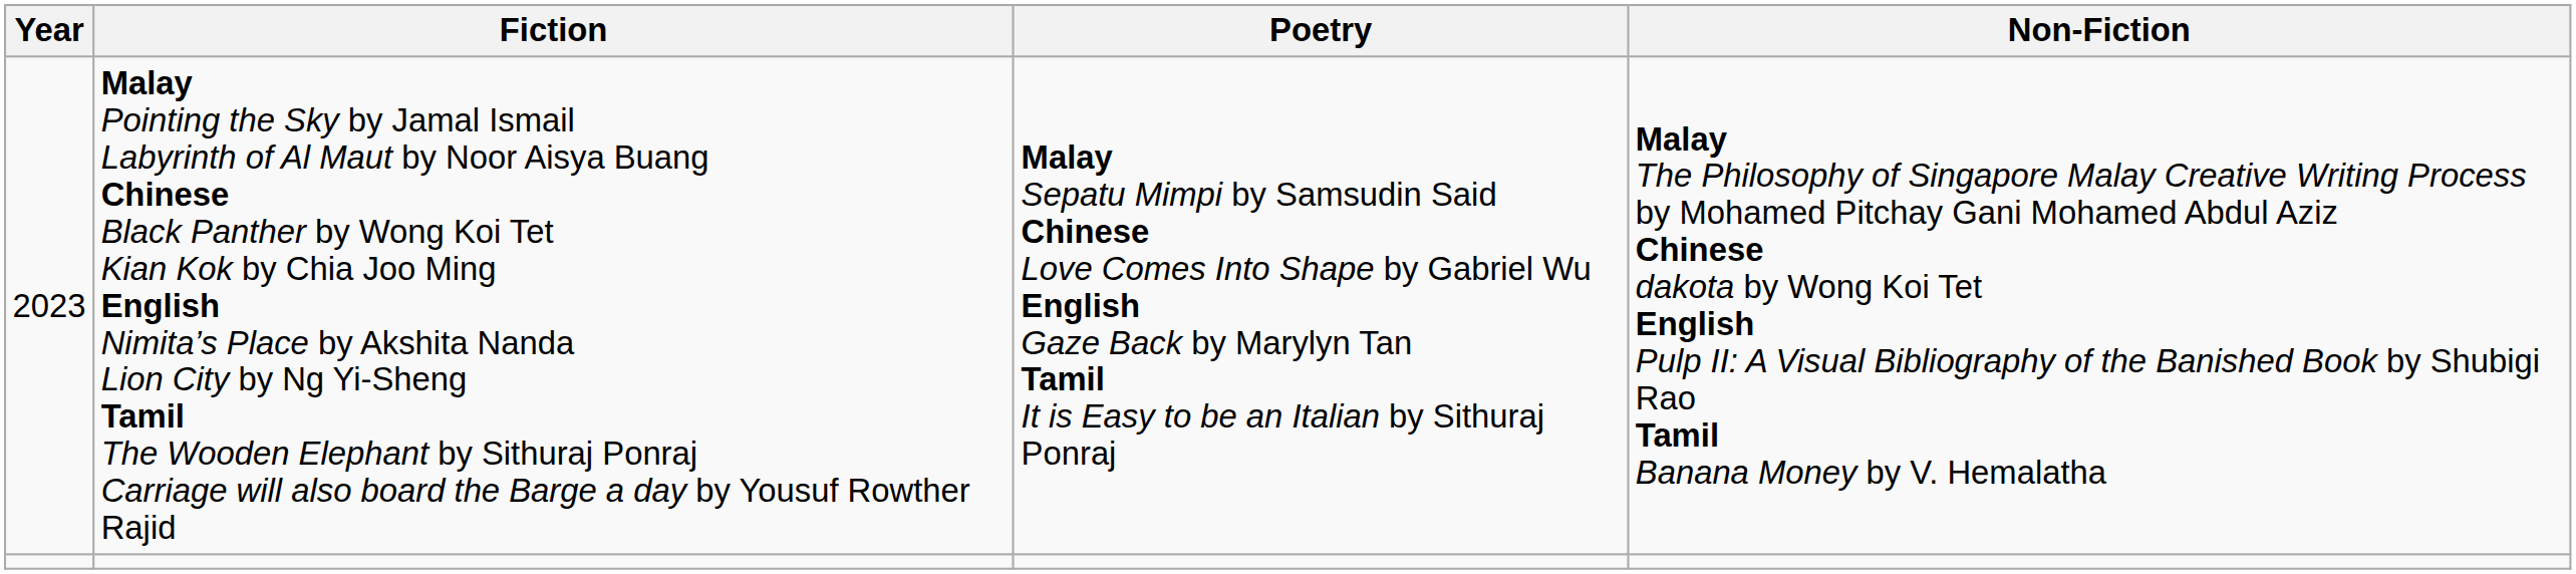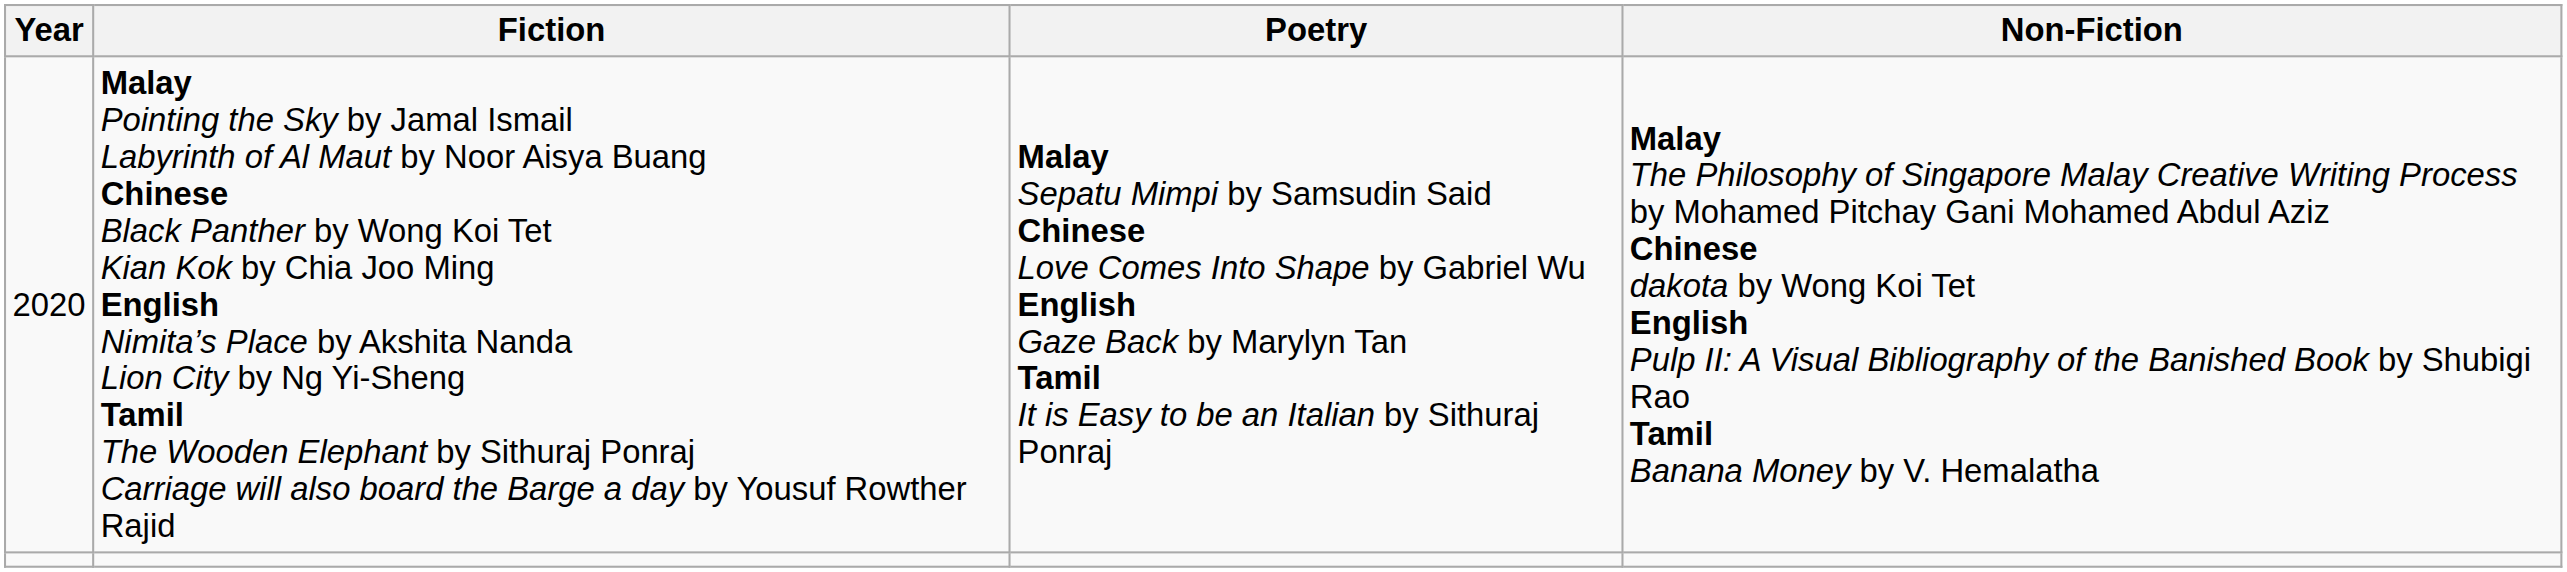 <table class="wikitable">
 <tr>
 <th>Year</th>
 <th>Fiction</th>
 <th>Poetry</th>
 <th>Non-Fiction</th>
 </tr>
 <tr>
-<td>2023</td>
+<td>2020</td>
 <td><strong>Malay</strong><br><em>Pointing the Sky</em> by Jamal Ismail<br><em>Labyrinth of Al Maut</em> by Noor Aisya Buang<br><strong>Chinese</strong><br><em>Black Panther</em> by Wong Koi Tet<br><em>Kian Kok</em> by Chia Joo Ming<br><strong>English</strong><br><em>Nimita’s Place</em> by Akshita Nanda<br><em>Lion City</em> by Ng Yi-Sheng<br><strong>Tamil</strong><br><em>The Wooden Elephant</em> by Sithuraj Ponraj<br><em>Carriage will also board the Barge a day</em> by Yousuf Rowther Rajid</td>
 <td><strong>Malay</strong><br><em>Sepatu Mimpi</em> by Samsudin Said<br><strong>Chinese</strong><br><em>Love Comes Into Shape</em> by Gabriel Wu<br><strong>English</strong><br><em>Gaze Back</em> by Marylyn Tan<br><strong>Tamil</strong><br><em>It is Easy to be an Italian</em> by Sithuraj Ponraj</td>
 <td><strong>Malay</strong><br><em>The Philosophy of Singapore Malay Creative Writing Process</em><br>by Mohamed Pitchay Gani Mohamed Abdul Aziz<br><strong>Chinese</strong><br><em>dakota</em> by Wong Koi Tet<br><strong>English</strong><br><em>Pulp II: A Visual Bibliography of the Banished Book</em> by Shubigi Rao<br><strong>Tamil</strong><br><em>Banana Money</em> by V. Hemalatha</td>
 </tr>
 <tr>
 <td></td>
 <td></td>
 <td></td>
 <td></td>
 </tr>
 </table>
